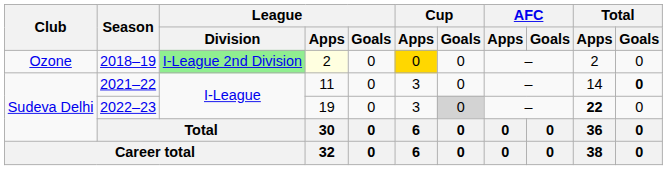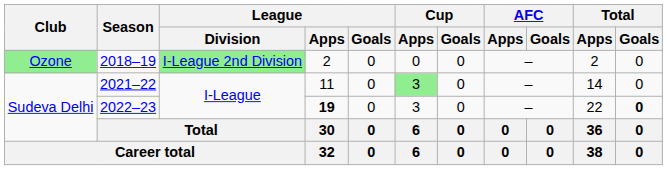 <table class="wikitable" style="text-align:center">
 <tr>
 <th rowspan="2">Club</th>
 <th rowspan="2">Season</th>
 <th colspan="3">League</th>
 <th colspan="2">Cup</th>
 <th colspan="2"><a href='#'>AFC</a></th>
 <th colspan="2">Total</th>
 </tr>
 <tr>
 <th>Division</th>
 <th>Apps</th>
 <th>Goals</th>
 <th>Apps</th>
 <th>Goals</th>
 <th>Apps</th>
 <th>Goals</th>
 <th>Apps</th>
 <th>Goals</th>
 </tr>
 <tr>
-<td><a href='#'>Ozone</a></td>
+<td style="background: lightgreen;"><a href='#'>Ozone</a></td>
 <td><a href='#'>2018–19</a></td>
 <td style="background: lightgreen;"><a href='#'>I-League 2nd Division</a></td>
-<td style="background: lightyellow;">2</td>
+<td>2</td>
 <td>0</td>
-<td style="background: gold;">0</td>
+<td>0</td>
 <td>0</td>
 <td colspan="2">–</td>
 <td>2</td>
 <td>0</td>
 </tr>
 <tr>
 <td rowspan="3"><a href='#'>Sudeva Delhi</a></td>
 <td><a href='#'>2021–22</a></td>
 <td rowspan="2"><a href='#'>I-League</a></td>
 <td>11</td>
 <td>0</td>
+<td style="background: lightgreen;">3</td>
+<td>0</td>
+<td colspan="2">–</td>
+<td>14</td>
+<td>0</td>
+</tr>
+<tr>
+<td><a href='#'>2022–23</a></td>
+<td><strong>19</strong></td>
+<td>0</td>
 <td>3</td>
 <td>0</td>
 <td colspan="2">–</td>
-<td>14</td>
+<td>22</td>
 <td><strong>0</strong></td>
-</tr>
-<tr>
-<td><a href='#'>2022–23</a></td>
-<td>19</td>
-<td>0</td>
-<td>3</td>
-<td style="background: lightgrey;">0</td>
-<td colspan="2">–</td>
-<td><strong>22</strong></td>
-<td>0</td>
 </tr>
 <tr>
 <th colspan="2">Total</th>
 <th>30</th>
 <th>0</th>
 <th>6</th>
 <th>0</th>
 <th>0</th>
 <th>0</th>
 <th>36</th>
 <th>0</th>
 </tr>
 <tr>
 <th colspan="3">Career total</th>
 <th>32</th>
 <th>0</th>
 <th>6</th>
 <th>0</th>
 <th>0</th>
 <th>0</th>
 <th>38</th>
 <th>0</th>
 </tr>
 </table>
